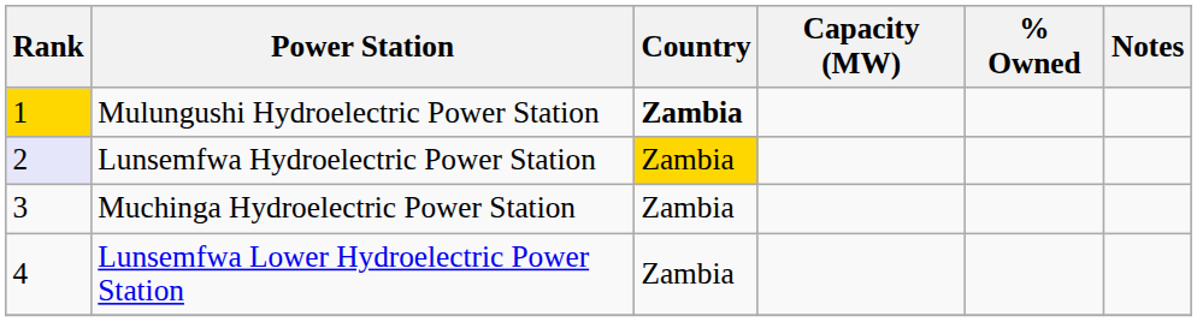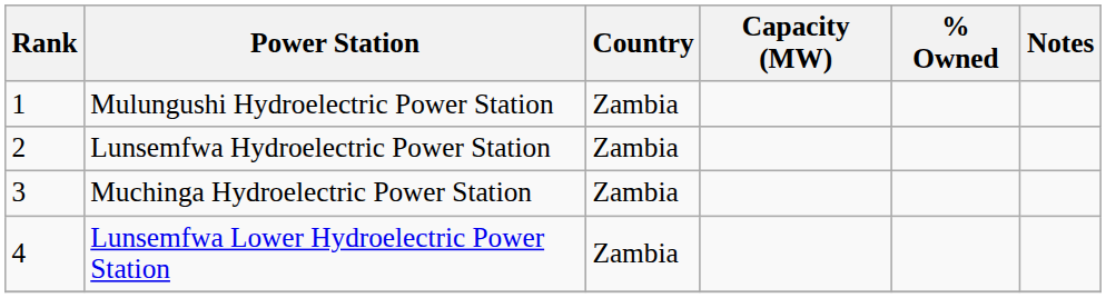 <table class="wikitable sortable" style="margin: 0.5em auto">
 <tr>
 <th>Rank</th>
 <th>Power Station</th>
 <th>Country</th>
 <th>Capacity (MW)</th>
 <th>% Owned</th>
 <th>Notes</th>
 </tr>
 <tr>
-<td style="background: gold;">1</td>
+<td>1</td>
 <td>Mulungushi Hydroelectric Power Station</td>
-<td><strong>Zambia</strong></td>
+<td>Zambia</td>
 <td></td>
 <td></td>
 <td></td>
 </tr>
 <tr>
-<td style="background: lavender;">2</td>
+<td>2</td>
 <td>Lunsemfwa Hydroelectric Power Station</td>
-<td style="background: gold;">Zambia</td>
+<td>Zambia</td>
 <td></td>
 <td></td>
 <td></td>
 </tr>
 <tr>
 <td>3</td>
 <td>Muchinga Hydroelectric Power Station</td>
 <td>Zambia</td>
 <td></td>
 <td></td>
 <td></td>
 </tr>
 <tr>
 <td>4</td>
 <td><a href='#'>Lunsemfwa Lower Hydroelectric Power Station</a></td>
 <td>Zambia</td>
 <td></td>
 <td></td>
 <td></td>
 </tr>
 <tr>
 </tr>
 </table>
